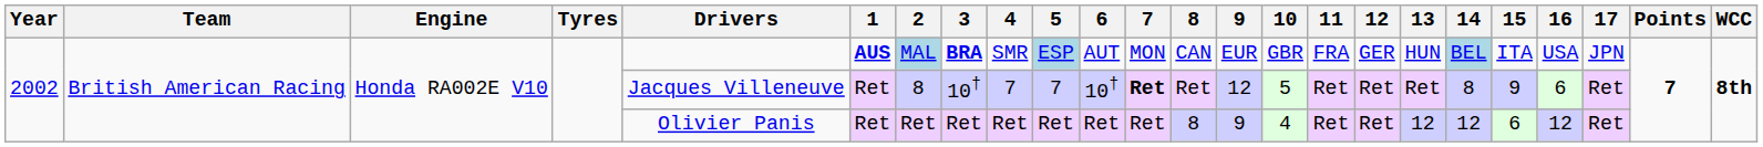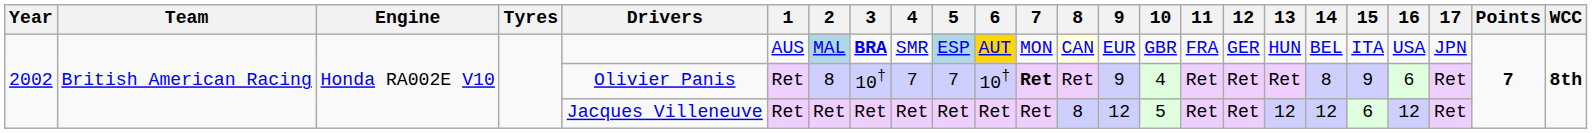 <table class="wikitable" style="text-align:center; font-size:95%">
 <tr>
 <th>Year</th>
 <th>Team</th>
 <th>Engine</th>
 <th>Tyres</th>
 <th>Drivers</th>
 <th>1</th>
 <th>2</th>
 <th>3</th>
 <th>4</th>
 <th>5</th>
 <th>6</th>
 <th>7</th>
 <th>8</th>
 <th>9</th>
 <th>10</th>
 <th>11</th>
 <th>12</th>
 <th>13</th>
 <th>14</th>
 <th>15</th>
 <th>16</th>
 <th>17</th>
 <th>Points</th>
 <th>WCC</th>
 </tr>
 <tr>
 <td rowspan="3"><a href='#'>2002</a></td>
 <td rowspan="3"><a href='#'>British American Racing</a></td>
 <td rowspan="3"><a href='#'>Honda</a> RA002E <a href='#'>V10</a></td>
 <td rowspan="3"></td>
 <td></td>
-<td><strong><a href='#'>AUS</a></strong></td>
+<td><a href='#'>AUS</a></td>
 <td style="background: lightblue;"><a href='#'>MAL</a></td>
 <td><strong><a href='#'>BRA</a></strong></td>
 <td><a href='#'>SMR</a></td>
 <td style="background: lightblue;"><a href='#'>ESP</a></td>
-<td><a href='#'>AUT</a></td>
+<td style="background: gold;"><a href='#'>AUT</a></td>
 <td><a href='#'>MON</a></td>
-<td><a href='#'>CAN</a></td>
+<td style="background: lightyellow;"><a href='#'>CAN</a></td>
 <td><a href='#'>EUR</a></td>
 <td><a href='#'>GBR</a></td>
 <td><a href='#'>FRA</a></td>
 <td><a href='#'>GER</a></td>
 <td><a href='#'>HUN</a></td>
-<td style="background: lightblue;"><a href='#'>BEL</a></td>
+<td><a href='#'>BEL</a></td>
 <td><a href='#'>ITA</a></td>
 <td><a href='#'>USA</a></td>
 <td><a href='#'>JPN</a></td>
 <td rowspan="3"><strong>7</strong></td>
 <td rowspan="3"><strong>8th</strong></td>
 </tr>
 <tr>
-<td> <a href='#'>Jacques Villeneuve</a></td>
+<td> <a href='#'>Olivier Panis</a></td>
 <td style="background:#EFCFFF;">Ret</td>
 <td style="background:#CFCFFF;">8</td>
 <td style="background:#CFCFFF;">10<sup>†</sup></td>
 <td style="background:#CFCFFF;">7</td>
 <td style="background:#CFCFFF;">7</td>
 <td style="background:#CFCFFF;">10<sup>†</sup></td>
 <td style="background:#EFCFFF;"><strong>Ret</strong></td>
 <td style="background:#EFCFFF;">Ret</td>
-<td style="background:#CFCFFF;">12</td>
-<td style="background:#DFFFDF;">5</td>
+<td style="background:#CFCFFF;">9</td>
+<td style="background:#DFFFDF;">4</td>
 <td style="background:#EFCFFF;">Ret</td>
 <td style="background:#EFCFFF;">Ret</td>
 <td style="background:#EFCFFF;">Ret</td>
 <td style="background:#CFCFFF;">8</td>
 <td style="background:#CFCFFF;">9</td>
 <td style="background:#DFFFDF;">6</td>
 <td style="background:#EFCFFF;">Ret</td>
 </tr>
 <tr>
-<td> <a href='#'>Olivier Panis</a></td>
+<td> <a href='#'>Jacques Villeneuve</a></td>
 <td style="background:#EFCFFF;">Ret</td>
 <td style="background:#EFCFFF;">Ret</td>
 <td style="background:#EFCFFF;">Ret</td>
 <td style="background:#EFCFFF;">Ret</td>
 <td style="background:#EFCFFF;">Ret</td>
 <td style="background:#EFCFFF;">Ret</td>
 <td style="background:#EFCFFF;">Ret</td>
 <td style="background:#CFCFFF;">8</td>
-<td style="background:#CFCFFF;">9</td>
-<td style="background:#DFFFDF;">4</td>
+<td style="background:#CFCFFF;">12</td>
+<td style="background:#DFFFDF;">5</td>
 <td style="background:#EFCFFF;">Ret</td>
 <td style="background:#EFCFFF;">Ret</td>
 <td style="background:#CFCFFF;">12</td>
 <td style="background:#CFCFFF;">12</td>
 <td style="background:#DFFFDF;">6</td>
 <td style="background:#CFCFFF;">12</td>
 <td style="background:#EFCFFF;">Ret</td>
 </tr>
 </table>
